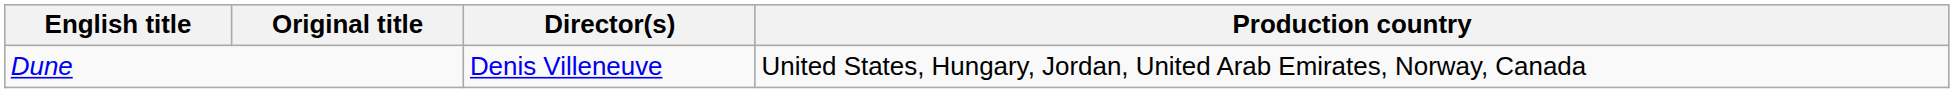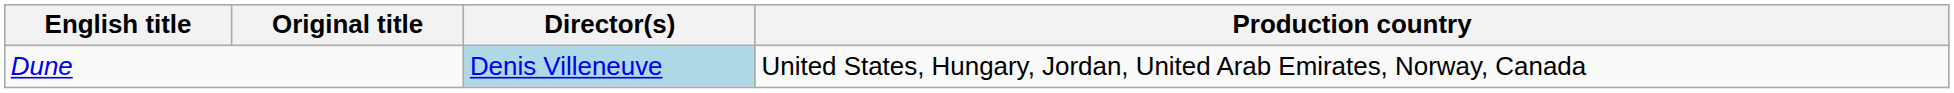 <table class="wikitable" style="width:95%; margin-bottom:2px">
 <tr>
 <th>English title</th>
 <th>Original title</th>
 <th>Director(s)</th>
 <th>Production country</th>
 </tr>
 <tr>
 <td colspan="2"><em><a href='#'>Dune</a></em></td>
-<td><a href='#'>Denis Villeneuve</a></td>
+<td style="background: lightblue;"><a href='#'>Denis Villeneuve</a></td>
 <td>United States, Hungary, Jordan, United Arab Emirates, Norway, Canada</td>
 </tr>
 </table>
